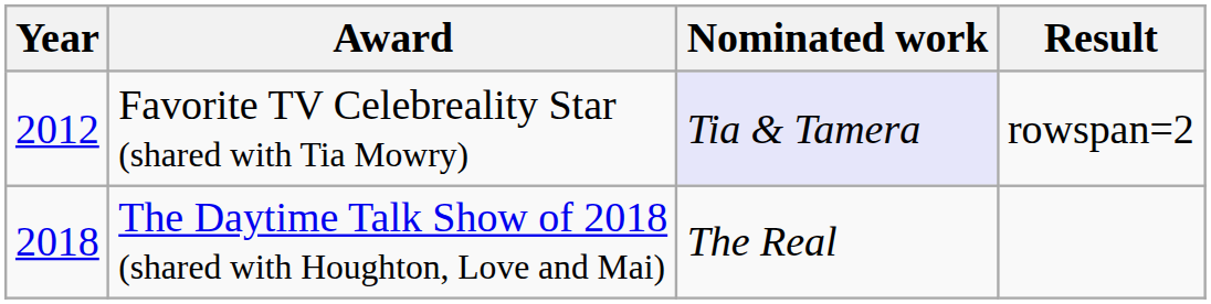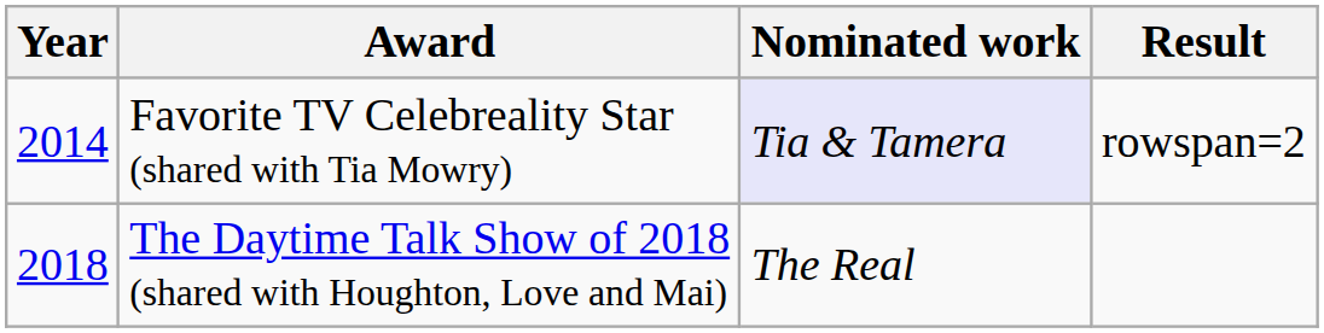 <table class="wikitable">
 <tr>
 <th>Year</th>
 <th>Award</th>
 <th>Nominated work</th>
 <th>Result</th>
 </tr>
 <tr>
-<td><a href='#'>2012</a></td>
+<td><a href='#'>2014</a></td>
 <td>Favorite TV Celebreality Star<br><small>(shared with Tia Mowry)</small></td>
 <td style="background: lavender;"><em>Tia & Tamera</em></td>
 <td>rowspan=2 </td>
 </tr>
 <tr>
 <td><a href='#'>2018</a></td>
 <td><a href='#'>The Daytime Talk Show of 2018</a><br><small>(shared with Houghton, Love and Mai)</small></td>
 <td><em>The Real</em></td>
 </tr>
 </table>
